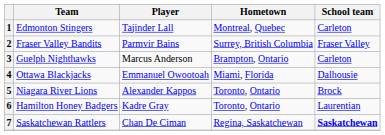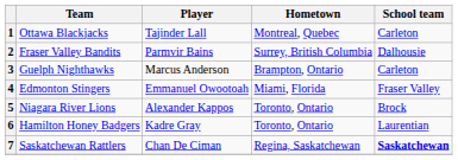 <table class="wikitable">
 <tr>
 <th></th>
 <th>Team</th>
 <th>Player</th>
 <th>Hometown</th>
 <th>School team</th>
 </tr>
 <tr>
 <th>1</th>
-<td><a href='#'>Edmonton Stingers</a></td>
+<td><a href='#'>Ottawa Blackjacks</a></td>
 <td><a href='#'>Tajinder Lall</a></td>
 <td> <a href='#'>Montreal</a>,  <a href='#'>Quebec</a></td>
 <td><a href='#'>Carleton</a></td>
 </tr>
 <tr>
 <th>2</th>
 <td><a href='#'>Fraser Valley Bandits</a></td>
 <td><a href='#'>Parmvir Bains</a></td>
 <td> <a href='#'>Surrey, British Columbia</a></td>
-<td><a href='#'>Fraser Valley</a></td>
+<td><a href='#'>Dalhousie</a></td>
 </tr>
 <tr>
 <th>3</th>
 <td><a href='#'>Guelph Nighthawks</a></td>
 <td>Marcus Anderson</td>
 <td> <a href='#'>Brampton</a>, <a href='#'>Ontario</a></td>
 <td><a href='#'>Carleton</a></td>
 </tr>
 <tr>
 <th>4</th>
-<td><a href='#'>Ottawa Blackjacks</a></td>
+<td><a href='#'>Edmonton Stingers</a></td>
 <td><a href='#'>Emmanuel Owootoah</a></td>
 <td> <a href='#'>Miami</a>, <a href='#'>Florida</a></td>
-<td><a href='#'>Dalhousie</a></td>
+<td><a href='#'>Fraser Valley</a></td>
 </tr>
 <tr>
 <th>5</th>
 <td><a href='#'>Niagara River Lions</a></td>
 <td><a href='#'>Alexander Kappos</a></td>
 <td> <a href='#'>Toronto</a>, <a href='#'>Ontario</a></td>
 <td><a href='#'>Brock</a></td>
 </tr>
 <tr>
 <th>6</th>
 <td><a href='#'>Hamilton Honey Badgers</a></td>
 <td><a href='#'>Kadre Gray</a></td>
 <td> <a href='#'>Toronto</a>, <a href='#'>Ontario</a></td>
 <td><a href='#'>Laurentian</a></td>
 </tr>
 <tr>
 <th>7</th>
 <td><a href='#'>Saskatchewan Rattlers</a></td>
 <td><a href='#'>Chan De Ciman</a></td>
 <td> <a href='#'>Regina, Saskatchewan</a></td>
 <td><strong><a href='#'>Saskatchewan</a></strong></td>
 </tr>
 <tr>
 </tr>
 </table>
